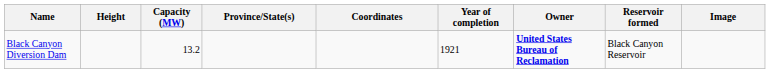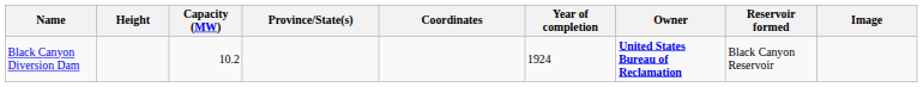 <table class="wikitable sortable" border="1">
 <tr>
 <th width="10%">Name</th>
 <th width="8%">Height</th>
 <th width="8%">Capacity (<a href='#'>MW</a>)</th>
 <th width="15%">Province/State(s)</th>
 <th width="16%">Coordinates</th>
 <th width="10%">Year of completion</th>
 <th width="12%">Owner</th>
 <th width="10%">Reservoir formed</th>
 <th>Image</th>
 </tr>
 <tr>
 <td><a href='#'>Black Canyon Diversion Dam</a></td>
 <td></td>
-<td align="right">13.2</td>
+<td align="right">10.2</td>
 <td></td>
 <td></td>
-<td>1921</td>
+<td>1924</td>
 <td><strong><a href='#'>United States Bureau of Reclamation</a></strong></td>
 <td>Black Canyon Reservoir</td>
 <td></td>
 </tr>
 </table>
